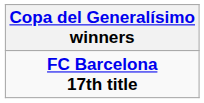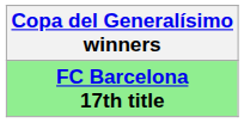 <table class="wikitable" style="text-align: center; margin: 0 auto;">
 <tr>
 <th><a href='#'>Copa del Generalísimo</a><br>winners</th>
 </tr>
 <tr>
-<td><strong><a href='#'>FC Barcelona</a></strong><br><strong>17th title</strong></td>
+<td style="background: lightgreen;"><strong><a href='#'>FC Barcelona</a></strong><br><strong>17th title</strong></td>
 </tr>
 </table>
